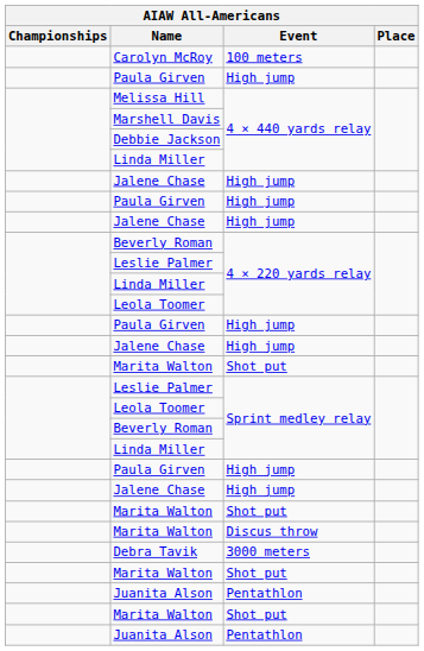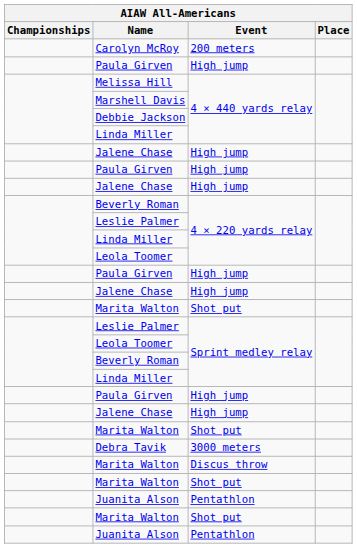 <table class="wikitable sortable">
 <tr>
 <th colspan="4">AIAW All-Americans</th>
 </tr>
 <tr>
 <th scope="col">Championships</th>
 <th scope="col">Name</th>
 <th scope="col">Event</th>
 <th scope="col">Place</th>
 </tr>
 <tr>
 <td></td>
 <td><a href='#'>Carolyn McRoy</a></td>
-<td><a href='#'>100 meters</a></td>
+<td><a href='#'>200 meters</a></td>
 <td></td>
 </tr>
 <tr>
 <td></td>
 <td><a href='#'>Paula Girven</a></td>
 <td><a href='#'>High jump</a></td>
 <td></td>
 </tr>
 <tr>
 <td rowspan=4></td>
 <td><a href='#'>Melissa Hill</a></td>
 <td rowspan=4><a href='#'>4 × 440 yards relay</a></td>
 <td rowspan=4></td>
 </tr>
 <tr>
 <td><a href='#'>Marshell Davis</a></td>
 </tr>
 <tr>
 <td><a href='#'>Debbie Jackson</a></td>
 </tr>
 <tr>
 <td><a href='#'>Linda Miller</a></td>
 </tr>
 <tr>
 <td></td>
 <td><a href='#'>Jalene Chase</a></td>
 <td><a href='#'>High jump</a></td>
 <td></td>
 </tr>
 <tr>
 <td></td>
 <td><a href='#'>Paula Girven</a></td>
 <td><a href='#'>High jump</a></td>
 <td></td>
 </tr>
 <tr>
 <td></td>
 <td><a href='#'>Jalene Chase</a></td>
 <td><a href='#'>High jump</a></td>
 <td></td>
 </tr>
 <tr>
 <td rowspan=4></td>
 <td><a href='#'>Beverly Roman</a></td>
 <td rowspan=4><a href='#'>4 × 220 yards relay</a></td>
 <td rowspan=4></td>
 </tr>
 <tr>
 <td><a href='#'>Leslie Palmer</a></td>
 </tr>
 <tr>
 <td><a href='#'>Linda Miller</a></td>
 </tr>
 <tr>
 <td><a href='#'>Leola Toomer</a></td>
 </tr>
 <tr>
 <td></td>
 <td><a href='#'>Paula Girven</a></td>
 <td><a href='#'>High jump</a></td>
 <td></td>
 </tr>
 <tr>
 <td></td>
 <td><a href='#'>Jalene Chase</a></td>
 <td><a href='#'>High jump</a></td>
 <td></td>
 </tr>
 <tr>
 <td></td>
 <td><a href='#'>Marita Walton</a></td>
 <td><a href='#'>Shot put</a></td>
 <td></td>
 </tr>
 <tr>
 <td rowspan=4></td>
 <td><a href='#'>Leslie Palmer</a></td>
 <td rowspan=4><a href='#'>Sprint medley relay</a></td>
 <td rowspan=4></td>
 </tr>
 <tr>
 <td><a href='#'>Leola Toomer</a></td>
 </tr>
 <tr>
 <td><a href='#'>Beverly Roman</a></td>
 </tr>
 <tr>
 <td><a href='#'>Linda Miller</a></td>
 </tr>
 <tr>
 <td></td>
 <td><a href='#'>Paula Girven</a></td>
 <td><a href='#'>High jump</a></td>
 <td></td>
 </tr>
 <tr>
 <td></td>
 <td><a href='#'>Jalene Chase</a></td>
 <td><a href='#'>High jump</a></td>
 <td></td>
 </tr>
 <tr>
 <td></td>
 <td><a href='#'>Marita Walton</a></td>
 <td><a href='#'>Shot put</a></td>
 <td></td>
 </tr>
 <tr>
 <td></td>
-<td><a href='#'>Marita Walton</a></td>
-<td><a href='#'>Discus throw</a></td>
+<td><a href='#'>Debra Tavik</a></td>
+<td><a href='#'>3000 meters</a></td>
 <td></td>
 </tr>
 <tr>
 <td></td>
-<td><a href='#'>Debra Tavik</a></td>
-<td><a href='#'>3000 meters</a></td>
+<td><a href='#'>Marita Walton</a></td>
+<td><a href='#'>Discus throw</a></td>
 <td></td>
 </tr>
 <tr>
 <td></td>
 <td><a href='#'>Marita Walton</a></td>
 <td><a href='#'>Shot put</a></td>
 <td></td>
 </tr>
 <tr>
 <td></td>
 <td><a href='#'>Juanita Alson</a></td>
 <td><a href='#'>Pentathlon</a></td>
 <td></td>
 </tr>
 <tr>
 <td></td>
 <td><a href='#'>Marita Walton</a></td>
 <td><a href='#'>Shot put</a></td>
 <td></td>
 </tr>
 <tr>
 <td></td>
 <td><a href='#'>Juanita Alson</a></td>
 <td><a href='#'>Pentathlon</a></td>
 <td></td>
 </tr>
 </table>
